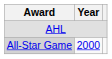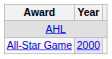 <table class="wikitable">
 <tr>
 <th>Award</th>
 <th>Year</th>
 <th></th>
 </tr>
 <tr ALIGN="center" bgcolor="#e0e0e0">
 <td colspan="3"><a href='#'>AHL</a></td>
 </tr>
 <tr>
-<td style="background: lightgrey;"><a href='#'>All-Star Game</a></td>
-<td><a href='#'>2000</a></td>
+<td><a href='#'>All-Star Game</a></td>
+<td style="background: lavender;"><a href='#'>2000</a></td>
 <td></td>
 </tr>
 </table>
